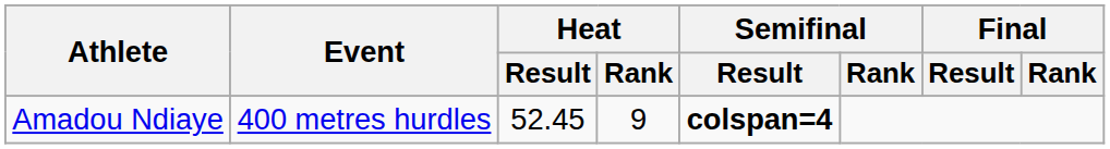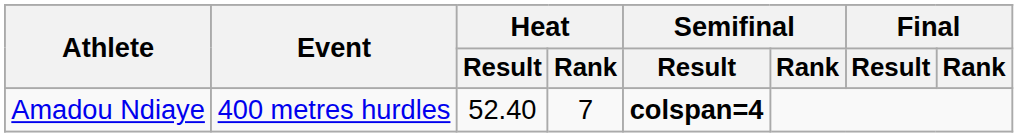 <table class="wikitable" style="font-size:90%">
 <tr>
 <th rowspan="2">Athlete</th>
 <th rowspan="2">Event</th>
 <th colspan="2">Heat</th>
 <th colspan="2">Semifinal</th>
 <th colspan="2">Final</th>
 </tr>
 <tr style="font-size:95%">
 <th>Result</th>
 <th>Rank</th>
 <th>Result</th>
 <th>Rank</th>
 <th>Result</th>
 <th>Rank</th>
 </tr>
 <tr style=text-align:center>
 <td style=text-align:left><a href='#'>Amadou Ndiaye</a></td>
 <td style=text-align:left><a href='#'>400 metres hurdles</a></td>
-<td>52.45</td>
-<td>9</td>
+<td>52.40</td>
+<td>7</td>
 <td><strong>colspan=4 </strong></td>
 </tr>
 </table>
